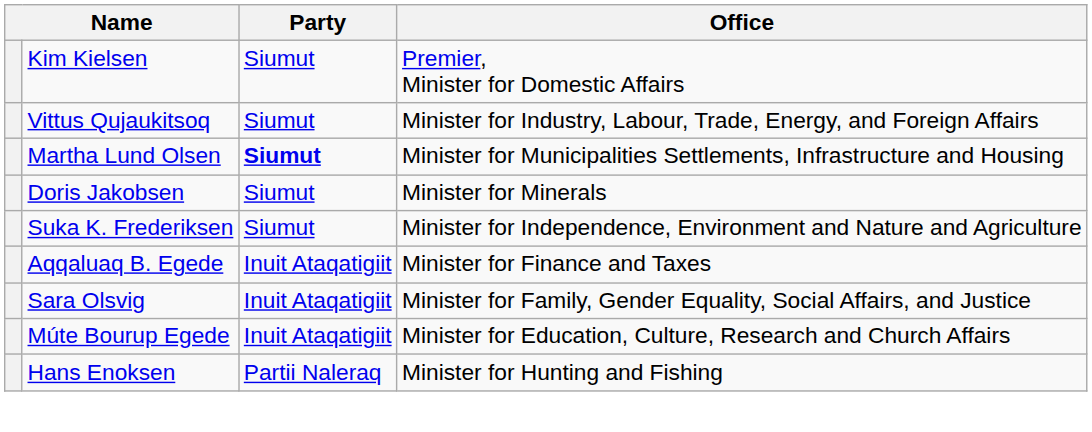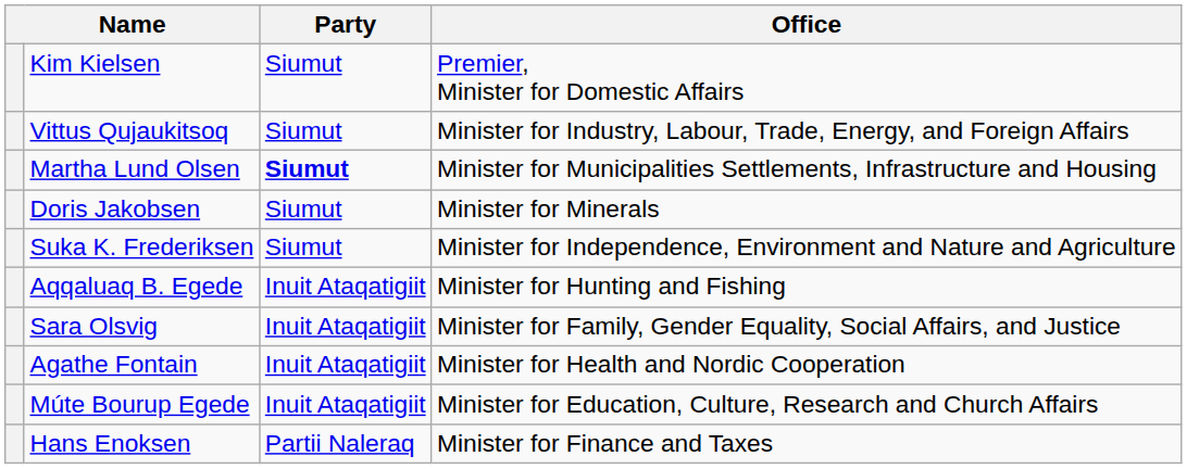 <table class="wikitable">
 <tr>
 <th colspan=2>Name</th>
 <th>Party</th>
 <th>Office</th>
 </tr>
 <tr>
 <th width=5px style="background-color: "></th>
 <td valign=top><a href='#'>Kim Kielsen</a></td>
 <td valign=top><a href='#'>Siumut</a></td>
 <td><a href='#'>Premier</a>, <br> Minister for Domestic Affairs</td>
 </tr>
 <tr>
 <th style="background-color: "></th>
 <td valign=top><a href='#'>Vittus Qujaukitsoq</a></td>
 <td valign=top><a href='#'>Siumut</a></td>
 <td>Minister for Industry, Labour, Trade, Energy, and Foreign Affairs</td>
 </tr>
 <tr>
 <th style="background-color: "></th>
 <td valign=top><a href='#'>Martha Lund Olsen</a></td>
 <td valign=top><strong><a href='#'>Siumut</a></strong></td>
 <td>Minister for Municipalities Settlements, Infrastructure and Housing</td>
 </tr>
 <tr>
 <th style="background-color: "></th>
 <td valign=top><a href='#'>Doris Jakobsen</a></td>
 <td valign=top><a href='#'>Siumut</a></td>
 <td>Minister for Minerals</td>
 </tr>
 <tr>
 <th style="background-color: "></th>
 <td valign=top><a href='#'>Suka K. Frederiksen</a></td>
 <td valign=top><a href='#'>Siumut</a></td>
 <td>Minister for Independence, Environment and Nature and Agriculture</td>
 </tr>
 <tr>
 <th style="background-color: "></th>
 <td valign=top><a href='#'>Aqqaluaq B. Egede</a></td>
 <td valign=top><a href='#'>Inuit Ataqatigiit</a></td>
-<td>Minister for Finance and Taxes</td>
+<td>Minister for Hunting and Fishing</td>
 </tr>
 <tr>
 <th style="background-color: "></th>
 <td valign=top><a href='#'>Sara Olsvig</a></td>
 <td valign=top><a href='#'>Inuit Ataqatigiit</a></td>
 <td>Minister for Family, Gender Equality, Social Affairs, and Justice</td>
+</tr>
+<tr>
+<th style="background-color: "></th>
+<td valign=top><a href='#'>Agathe Fontain</a></td>
+<td valign=top><a href='#'>Inuit Ataqatigiit</a></td>
+<td>Minister for Health and Nordic Cooperation</td>
 </tr>
 <tr>
 <th style="background-color: "></th>
 <td valign=top><a href='#'>Múte Bourup Egede</a></td>
 <td valign=top><a href='#'>Inuit Ataqatigiit</a></td>
 <td>Minister for Education, Culture, Research and Church Affairs</td>
 </tr>
 <tr>
 <th style="background-color: "></th>
 <td valign=top><a href='#'>Hans Enoksen</a></td>
 <td valign=top><a href='#'>Partii Naleraq</a></td>
-<td>Minister for Hunting and Fishing</td>
+<td>Minister for Finance and Taxes</td>
 </tr>
 </table>
